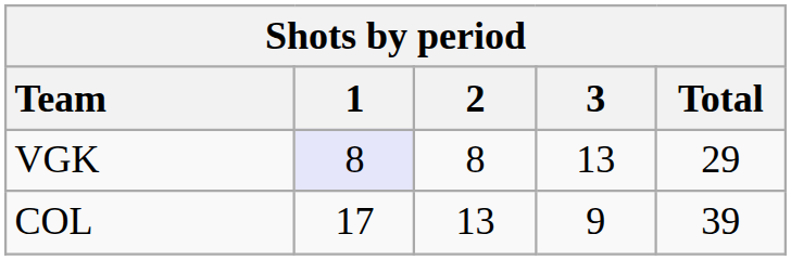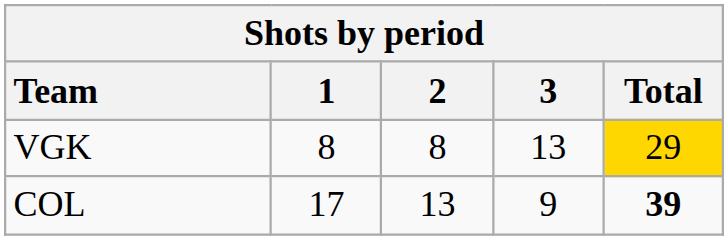 <table class="wikitable" style="width:20em; text-align:right;">
 <tr>
 <th colspan=6>Shots by period</th>
 </tr>
 <tr>
 <th style="width:8em; text-align:left;">Team</th>
 <th style="width:3em;">1</th>
 <th style="width:3em;">2</th>
 <th style="width:3em;">3<br></th>
 <th style="width:3em;">Total</th>
 </tr>
 <tr>
 <td style="text-align:left;">VGK</td>
-<td align=center style="background: lavender;">8</td>
+<td align=center>8</td>
 <td align=center>8</td>
 <td align=center>13</td>
-<td align=center>29</td>
+<td align=center style="background: gold;">29</td>
 </tr>
 <tr>
 <td style="text-align:left;">COL</td>
 <td align=center>17</td>
 <td align=center>13</td>
 <td align=center>9</td>
-<td align=center>39</td>
+<td align=center><strong>39</strong></td>
 </tr>
 </table>
